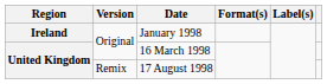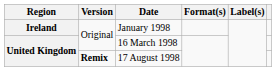 <table class="wikitable plainrowheaders">
 <tr>
 <th scope="col">Region</th>
 <th scope="col">Version</th>
 <th scope="col">Date</th>
 <th scope="col">Format(s)</th>
 <th scope="col">Label(s)</th>
 <th scope="col"></th>
 </tr>
 <tr>
 <th scope="row">Ireland</th>
 <td rowspan="2">Original</td>
 <td>January 1998</td>
 <td></td>
 <td rowspan="3"></td>
 <td></td>
 </tr>
 <tr>
 <th scope="row" rowspan="2">United Kingdom</th>
 <td>16 March 1998</td>
 <td rowspan="2"></td>
 <td></td>
 </tr>
 <tr>
-<td>Remix</td>
+<td><strong>Remix</strong></td>
 <td>17 August 1998</td>
 <td></td>
 </tr>
 </table>
